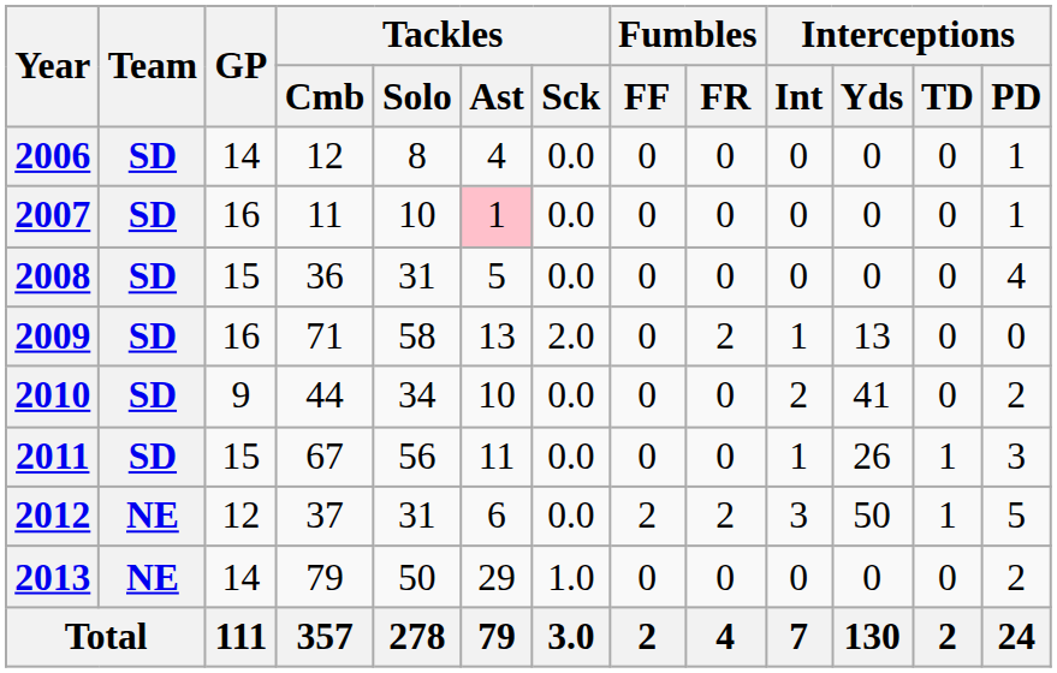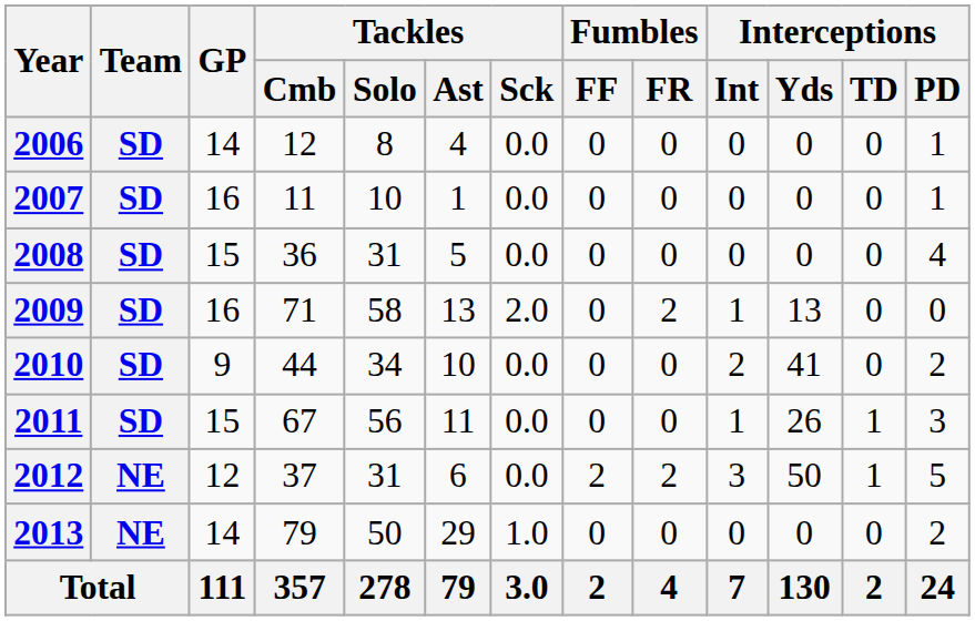 <table class="wikitable" style="text-align: center;">
 <tr>
 <th rowspan="2">Year</th>
 <th rowspan="2">Team</th>
 <th rowspan="2">GP</th>
 <th colspan="4">Tackles</th>
 <th colspan="2">Fumbles</th>
 <th colspan="4">Interceptions</th>
 </tr>
 <tr>
 <th>Cmb</th>
 <th>Solo</th>
 <th>Ast</th>
 <th>Sck</th>
 <th>FF</th>
 <th>FR</th>
 <th>Int</th>
 <th>Yds</th>
 <th>TD</th>
 <th>PD</th>
 </tr>
 <tr>
 <th><a href='#'>2006</a></th>
 <th><a href='#'>SD</a></th>
 <td>14</td>
 <td>12</td>
 <td>8</td>
 <td>4</td>
 <td>0.0</td>
 <td>0</td>
 <td>0</td>
 <td>0</td>
 <td>0</td>
 <td>0</td>
 <td>1</td>
 </tr>
 <tr>
 <th><a href='#'>2007</a></th>
 <th><a href='#'>SD</a></th>
 <td>16</td>
 <td>11</td>
 <td>10</td>
-<td style="background: pink;">1</td>
+<td>1</td>
 <td>0.0</td>
 <td>0</td>
 <td>0</td>
 <td>0</td>
 <td>0</td>
 <td>0</td>
 <td>1</td>
 </tr>
 <tr>
 <th><a href='#'>2008</a></th>
 <th><a href='#'>SD</a></th>
 <td>15</td>
 <td>36</td>
 <td>31</td>
 <td>5</td>
 <td>0.0</td>
 <td>0</td>
 <td>0</td>
 <td>0</td>
 <td>0</td>
 <td>0</td>
 <td>4</td>
 </tr>
 <tr>
 <th><a href='#'>2009</a></th>
 <th><a href='#'>SD</a></th>
 <td>16</td>
 <td>71</td>
 <td>58</td>
 <td>13</td>
 <td>2.0</td>
 <td>0</td>
 <td>2</td>
 <td>1</td>
 <td>13</td>
 <td>0</td>
 <td>0</td>
 </tr>
 <tr>
 <th><a href='#'>2010</a></th>
 <th><a href='#'>SD</a></th>
 <td>9</td>
 <td>44</td>
 <td>34</td>
 <td>10</td>
 <td>0.0</td>
 <td>0</td>
 <td>0</td>
 <td>2</td>
 <td>41</td>
 <td>0</td>
 <td>2</td>
 </tr>
 <tr>
 <th><a href='#'>2011</a></th>
 <th><a href='#'>SD</a></th>
 <td>15</td>
 <td>67</td>
 <td>56</td>
 <td>11</td>
 <td>0.0</td>
 <td>0</td>
 <td>0</td>
 <td>1</td>
 <td>26</td>
 <td>1</td>
 <td>3</td>
 </tr>
 <tr>
 <th><a href='#'>2012</a></th>
 <th><a href='#'>NE</a></th>
 <td>12</td>
 <td>37</td>
 <td>31</td>
 <td>6</td>
 <td>0.0</td>
 <td>2</td>
 <td>2</td>
 <td>3</td>
 <td>50</td>
 <td>1</td>
 <td>5</td>
 </tr>
 <tr>
 <th><a href='#'>2013</a></th>
 <th><a href='#'>NE</a></th>
 <td>14</td>
 <td>79</td>
 <td>50</td>
 <td>29</td>
 <td>1.0</td>
 <td>0</td>
 <td>0</td>
 <td>0</td>
 <td>0</td>
 <td>0</td>
 <td>2</td>
 </tr>
 <tr>
 <th colspan="2">Total</th>
 <th>111</th>
 <th>357</th>
 <th>278</th>
 <th>79</th>
 <th>3.0</th>
 <th>2</th>
 <th>4</th>
 <th>7</th>
 <th>130</th>
 <th>2</th>
 <th>24</th>
 </tr>
 </table>
